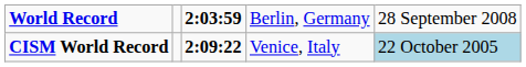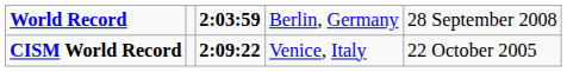 <table class="wikitable">
 <tr>
 <td><strong><a href='#'>World Record</a></strong></td>
 <td></td>
 <td><strong>2:03:59</strong></td>
 <td><a href='#'>Berlin</a>, <a href='#'>Germany</a></td>
 <td>28 September 2008</td>
 </tr>
 <tr>
 <td><strong><a href='#'>CISM</a> World Record</strong></td>
 <td></td>
 <td><strong>2:09:22</strong></td>
 <td><a href='#'>Venice</a>, <a href='#'>Italy</a></td>
-<td style="background: lightblue;">22 October 2005</td>
+<td>22 October 2005</td>
 </tr>
 </table>
